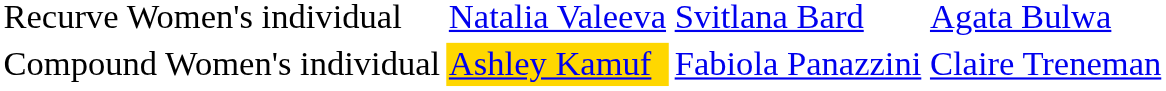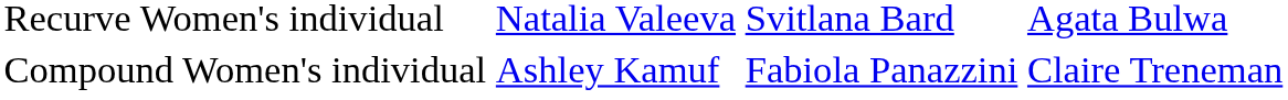 <table>
 <tr>
 <td>Recurve Women's individual<br></td>
 <td> <a href='#'>Natalia Valeeva</a></td>
 <td> <a href='#'>Svitlana Bard</a></td>
 <td> <a href='#'>Agata Bulwa</a></td>
 </tr>
 <tr>
 <td>Compound Women's individual<br></td>
-<td style="background: gold;"> <a href='#'>Ashley Kamuf</a></td>
+<td> <a href='#'>Ashley Kamuf</a></td>
 <td> <a href='#'>Fabiola Panazzini</a></td>
 <td> <a href='#'>Claire Treneman</a></td>
 </tr>
 </table>
